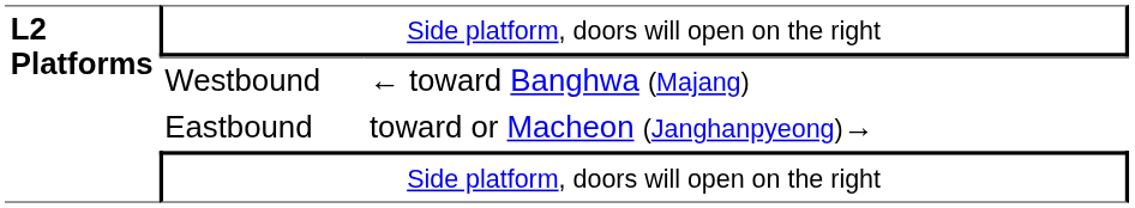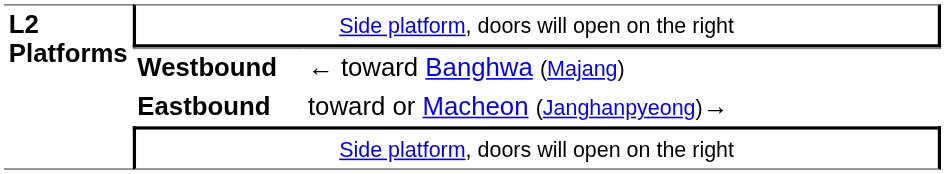 <table table border=0 cellspacing=0 cellpadding=3>
 <tr>
 <td style="border-top:solid 1px gray;border-bottom:solid 1px gray;" width=50 rowspan=10 valign=top><strong>L2<br>Platforms</strong></td>
 <td style="border-top:solid 1px gray;border-right:solid 2px black;border-left:solid 2px black;border-bottom:solid 2px black;text-align:center;" colspan=2><small><a href='#'>Side platform</a>, doors will open on the right</small></td>
 </tr>
 <tr>
-<td style="border-bottom:solid 0px gray;border-top:solid 1px gray;" width=100>Westbound</td>
+<td style="border-bottom:solid 0px gray;border-top:solid 1px gray;" width=100><strong>Westbound</strong></td>
 <td style="border-bottom:solid 0px gray;border-top:solid 1px gray;" width=390>←  toward <a href='#'>Banghwa</a> <small>(<a href='#'>Majang</a>)</small></td>
 </tr>
 <tr>
-<td>Eastbound</td>
+<td><strong>Eastbound</strong></td>
 <td>  toward  or <a href='#'>Macheon</a> <small>(<a href='#'>Janghanpyeong</a>)</small>→</td>
 </tr>
 <tr>
 <td style="border-top:solid 2px black;border-right:solid 2px black;border-left:solid 2px black;border-bottom:solid 1px gray;text-align:center;" colspan=2><small><a href='#'>Side platform</a>, doors will open on the right</small></td>
 </tr>
 </table>
